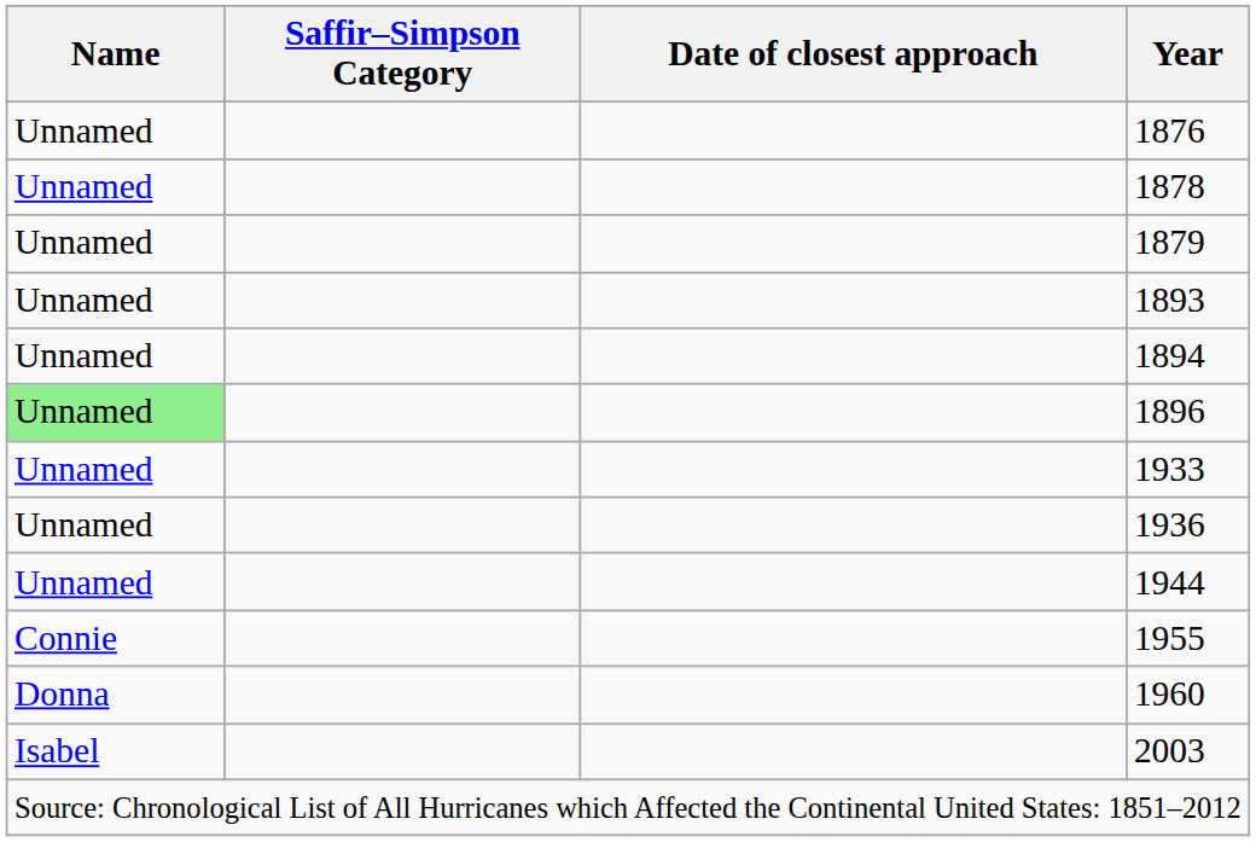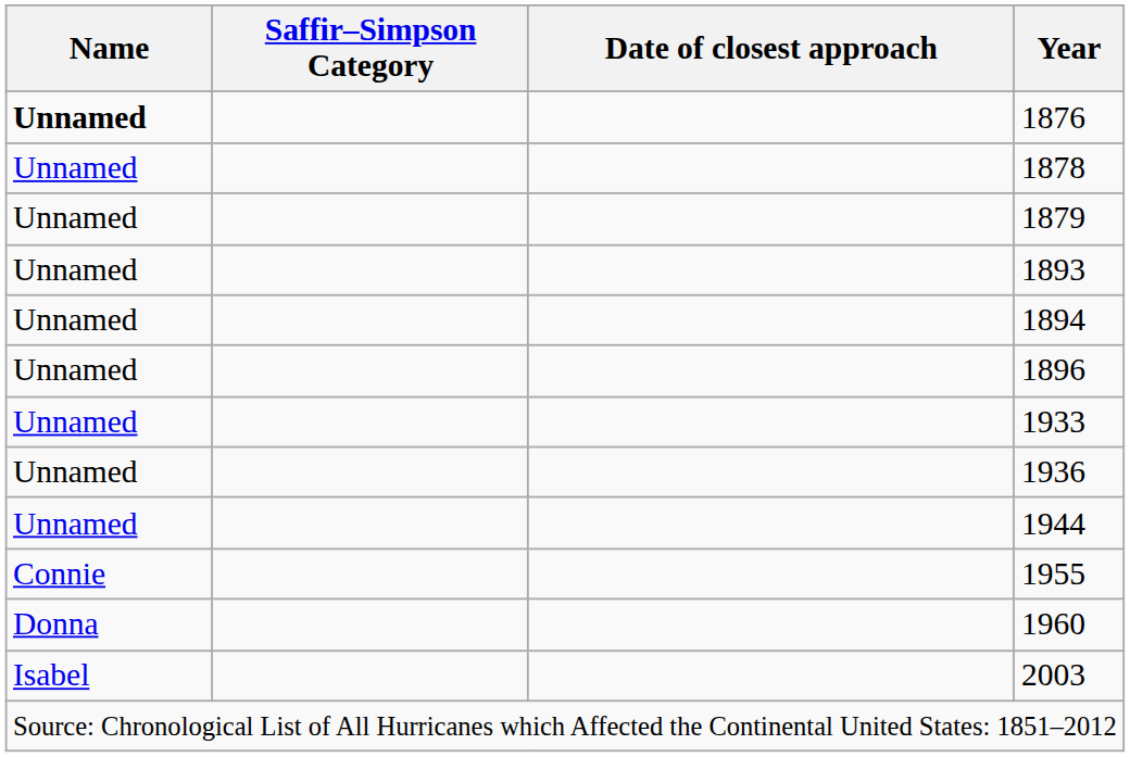 <table class = "wikitable" style="margin:1em auto;">
 <tr>
 <th>Name</th>
 <th><a href='#'>Saffir–Simpson</a><br>Category</th>
 <th>Date of closest approach</th>
 <th>Year</th>
 </tr>
 <tr>
-<td>Unnamed</td>
+<td><strong>Unnamed</strong></td>
 <td></td>
 <td></td>
 <td>1876</td>
 </tr>
 <tr>
 <td><a href='#'>Unnamed</a></td>
 <td></td>
 <td></td>
 <td>1878</td>
 </tr>
 <tr>
 <td>Unnamed</td>
 <td></td>
 <td></td>
 <td>1879</td>
 </tr>
 <tr>
 <td>Unnamed</td>
 <td></td>
 <td></td>
 <td>1893</td>
 </tr>
 <tr>
 <td>Unnamed</td>
 <td></td>
 <td></td>
 <td>1894</td>
 </tr>
 <tr>
-<td style="background: lightgreen;">Unnamed</td>
+<td>Unnamed</td>
 <td></td>
 <td></td>
 <td>1896</td>
 </tr>
 <tr>
 <td><a href='#'>Unnamed</a></td>
 <td></td>
 <td></td>
 <td>1933</td>
 </tr>
 <tr>
 <td>Unnamed</td>
 <td></td>
 <td></td>
 <td>1936</td>
 </tr>
 <tr>
 <td><a href='#'>Unnamed</a></td>
 <td></td>
 <td></td>
 <td>1944</td>
 </tr>
 <tr>
 <td><a href='#'>Connie</a></td>
 <td></td>
 <td></td>
 <td>1955</td>
 </tr>
 <tr>
 <td><a href='#'>Donna</a></td>
 <td></td>
 <td></td>
 <td>1960</td>
 </tr>
 <tr>
 <td><a href='#'>Isabel</a></td>
 <td></td>
 <td></td>
 <td>2003</td>
 </tr>
 <tr>
 <td colspan="9"><small>Source: Chronological List of All Hurricanes which Affected the Continental United States: 1851–2012</small></td>
 </tr>
 </table>
